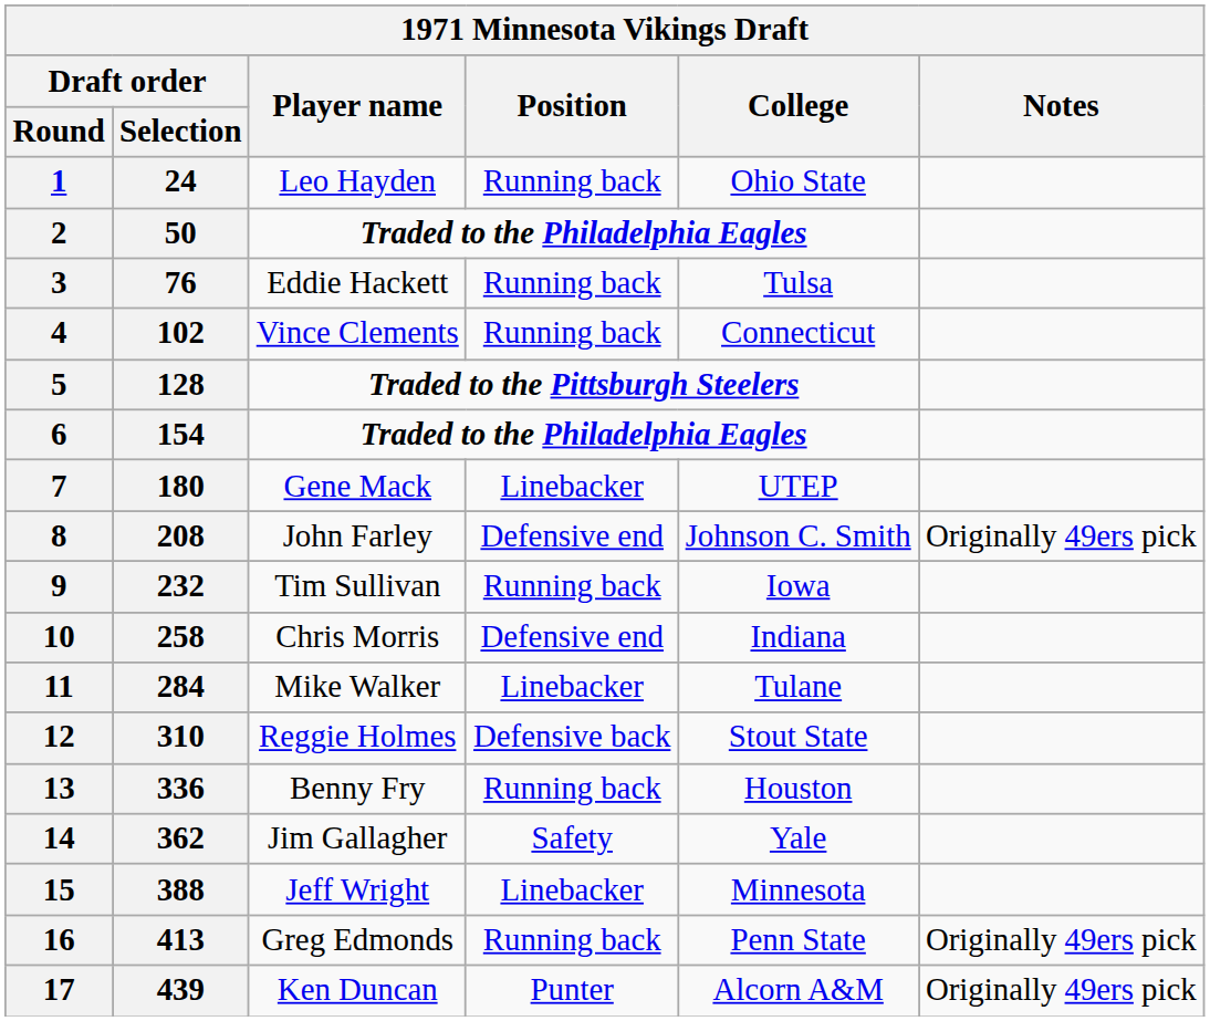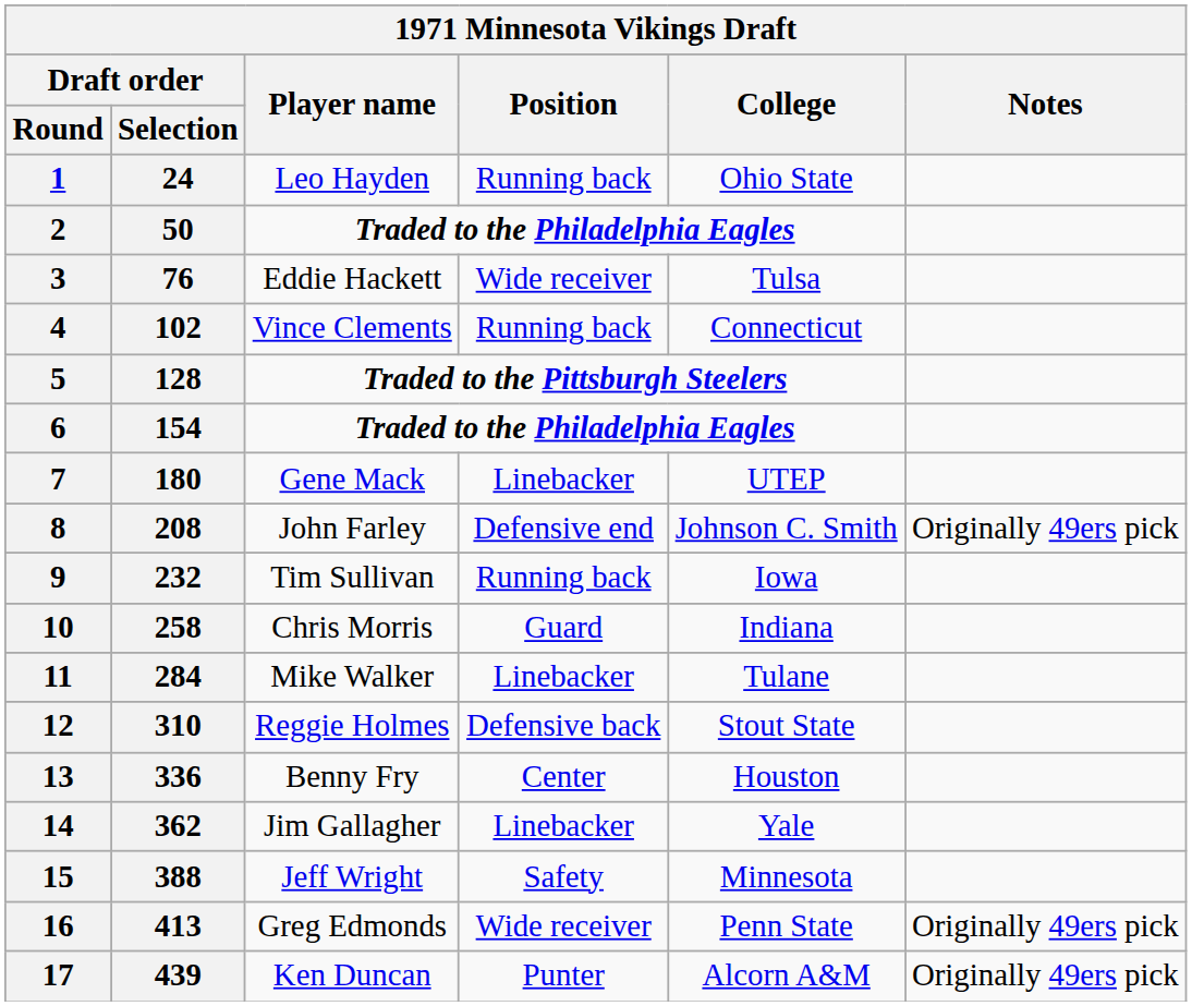 <table class="wikitable" style="text-align:center">
 <tr>
 <th colspan="6">1971 Minnesota Vikings Draft</th>
 </tr>
 <tr>
 <th colspan="2">Draft order</th>
 <th rowspan="2">Player name</th>
 <th rowspan="2">Position</th>
 <th rowspan="2">College</th>
 <th rowspan="2">Notes</th>
 </tr>
 <tr>
 <th>Round</th>
 <th>Selection</th>
 </tr>
 <tr>
 <th><a href='#'>1</a></th>
 <th>24</th>
 <td><a href='#'>Leo Hayden</a></td>
 <td><a href='#'>Running back</a></td>
 <td><a href='#'>Ohio State</a></td>
 <td></td>
 </tr>
 <tr>
 <th>2</th>
 <th>50</th>
 <td colspan="3"><strong><em>Traded to the <a href='#'>Philadelphia Eagles</a></em></strong></td>
 <td></td>
 </tr>
 <tr>
 <th>3</th>
 <th>76</th>
 <td>Eddie Hackett</td>
-<td><a href='#'>Running back</a></td>
+<td><a href='#'>Wide receiver</a></td>
 <td><a href='#'>Tulsa</a></td>
 <td></td>
 </tr>
 <tr>
 <th>4</th>
 <th>102</th>
 <td><a href='#'>Vince Clements</a></td>
 <td><a href='#'>Running back</a></td>
 <td><a href='#'>Connecticut</a></td>
 <td></td>
 </tr>
 <tr>
 <th>5</th>
 <th>128</th>
 <td colspan="3"><strong><em>Traded to the <a href='#'>Pittsburgh Steelers</a></em></strong></td>
 <td></td>
 </tr>
 <tr>
 <th>6</th>
 <th>154</th>
 <td colspan="3"><strong><em>Traded to the <a href='#'>Philadelphia Eagles</a></em></strong></td>
 <td></td>
 </tr>
 <tr>
 <th>7</th>
 <th>180</th>
 <td><a href='#'>Gene Mack</a></td>
 <td><a href='#'>Linebacker</a></td>
 <td><a href='#'>UTEP</a></td>
 <td></td>
 </tr>
 <tr>
 <th>8</th>
 <th>208</th>
 <td>John Farley</td>
 <td><a href='#'>Defensive end</a></td>
 <td><a href='#'>Johnson C. Smith</a></td>
 <td>Originally <a href='#'>49ers</a> pick</td>
 </tr>
 <tr>
 <th>9</th>
 <th>232</th>
 <td>Tim Sullivan</td>
 <td><a href='#'>Running back</a></td>
 <td><a href='#'>Iowa</a></td>
 <td></td>
 </tr>
 <tr>
 <th>10</th>
 <th>258</th>
 <td>Chris Morris</td>
-<td><a href='#'>Defensive end</a></td>
+<td><a href='#'>Guard</a></td>
 <td><a href='#'>Indiana</a></td>
 <td></td>
 </tr>
 <tr>
 <th>11</th>
 <th>284</th>
 <td>Mike Walker</td>
 <td><a href='#'>Linebacker</a></td>
 <td><a href='#'>Tulane</a></td>
 <td></td>
 </tr>
 <tr>
 <th>12</th>
 <th>310</th>
 <td><a href='#'>Reggie Holmes</a></td>
 <td><a href='#'>Defensive back</a></td>
 <td><a href='#'>Stout State</a></td>
 <td></td>
 </tr>
 <tr>
 <th>13</th>
 <th>336</th>
 <td>Benny Fry</td>
-<td><a href='#'>Running back</a></td>
+<td><a href='#'>Center</a></td>
 <td><a href='#'>Houston</a></td>
 <td></td>
 </tr>
 <tr>
 <th>14</th>
 <th>362</th>
 <td>Jim Gallagher</td>
-<td><a href='#'>Safety</a></td>
+<td><a href='#'>Linebacker</a></td>
 <td><a href='#'>Yale</a></td>
 <td></td>
 </tr>
 <tr>
 <th>15</th>
 <th>388</th>
 <td><a href='#'>Jeff Wright</a></td>
-<td><a href='#'>Linebacker</a></td>
+<td><a href='#'>Safety</a></td>
 <td><a href='#'>Minnesota</a></td>
 <td></td>
 </tr>
 <tr>
 <th>16</th>
 <th>413</th>
 <td>Greg Edmonds</td>
-<td><a href='#'>Running back</a></td>
+<td><a href='#'>Wide receiver</a></td>
 <td><a href='#'>Penn State</a></td>
 <td>Originally <a href='#'>49ers</a> pick</td>
 </tr>
 <tr>
 <th>17</th>
 <th>439</th>
 <td><a href='#'>Ken Duncan</a></td>
 <td><a href='#'>Punter</a></td>
 <td><a href='#'>Alcorn A&M</a></td>
 <td>Originally <a href='#'>49ers</a> pick</td>
 </tr>
 </table>
